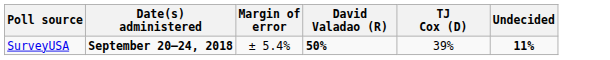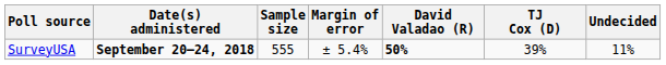 <table class="wikitable">
 <tr>
 <th>Poll source</th>
 <th>Date(s)<br>administered</th>
+<th>Sample<br>size</th>
 <th>Margin of<br>error</th>
 <th style="width:100px;">David<br>Valadao (R)</th>
 <th style="width:100px;">TJ<br>Cox (D)</th>
 <th>Undecided</th>
 </tr>
 <tr>
 <td><a href='#'>SurveyUSA</a></td>
 <td style="text-align:center"><strong>September 20–24, 2018</strong></td>
+<td style="text-align:center">555</td>
 <td style="text-align:center">± 5.4%</td>
 <td style="background-color:"><strong>50%</strong></td>
 <td style="text-align:center">39%</td>
-<td style="text-align:center"><strong>11%</strong></td>
+<td style="text-align:center">11%</td>
 </tr>
 </table>
